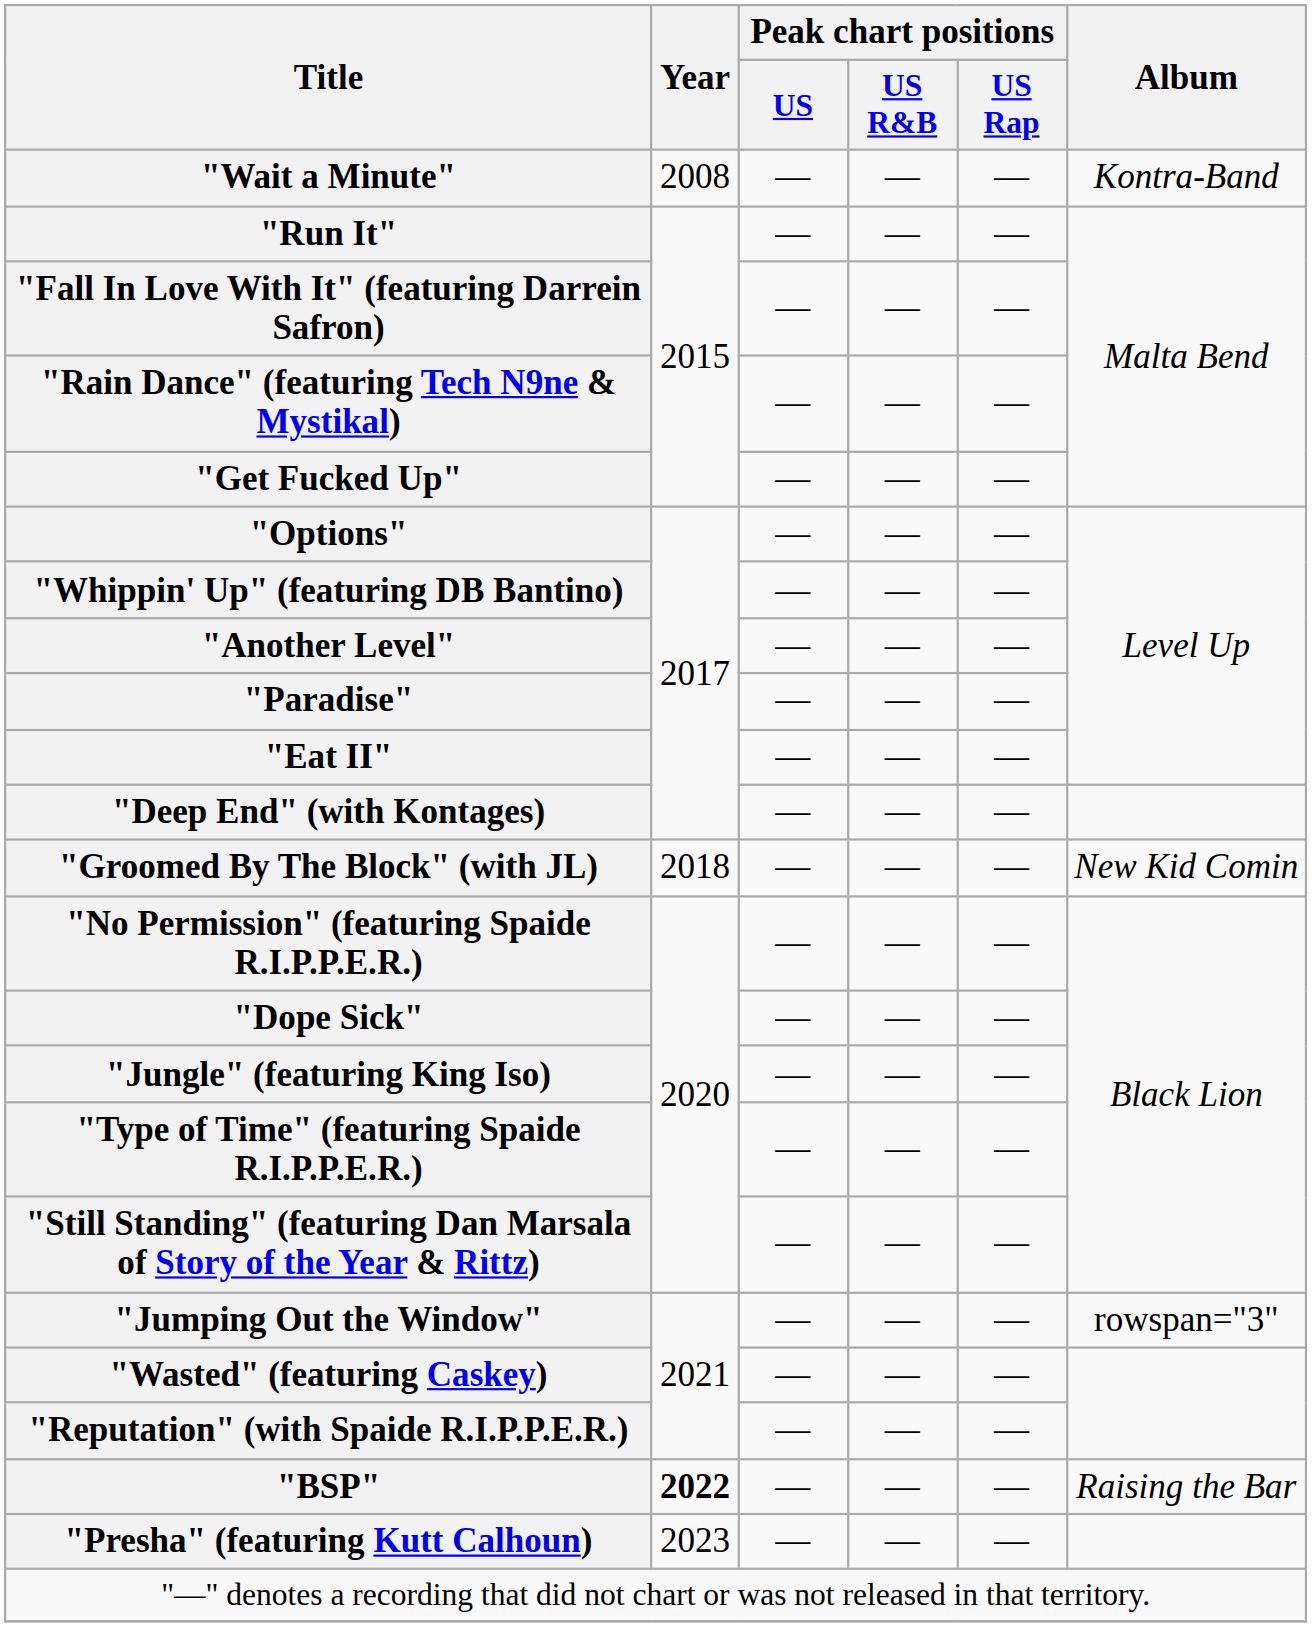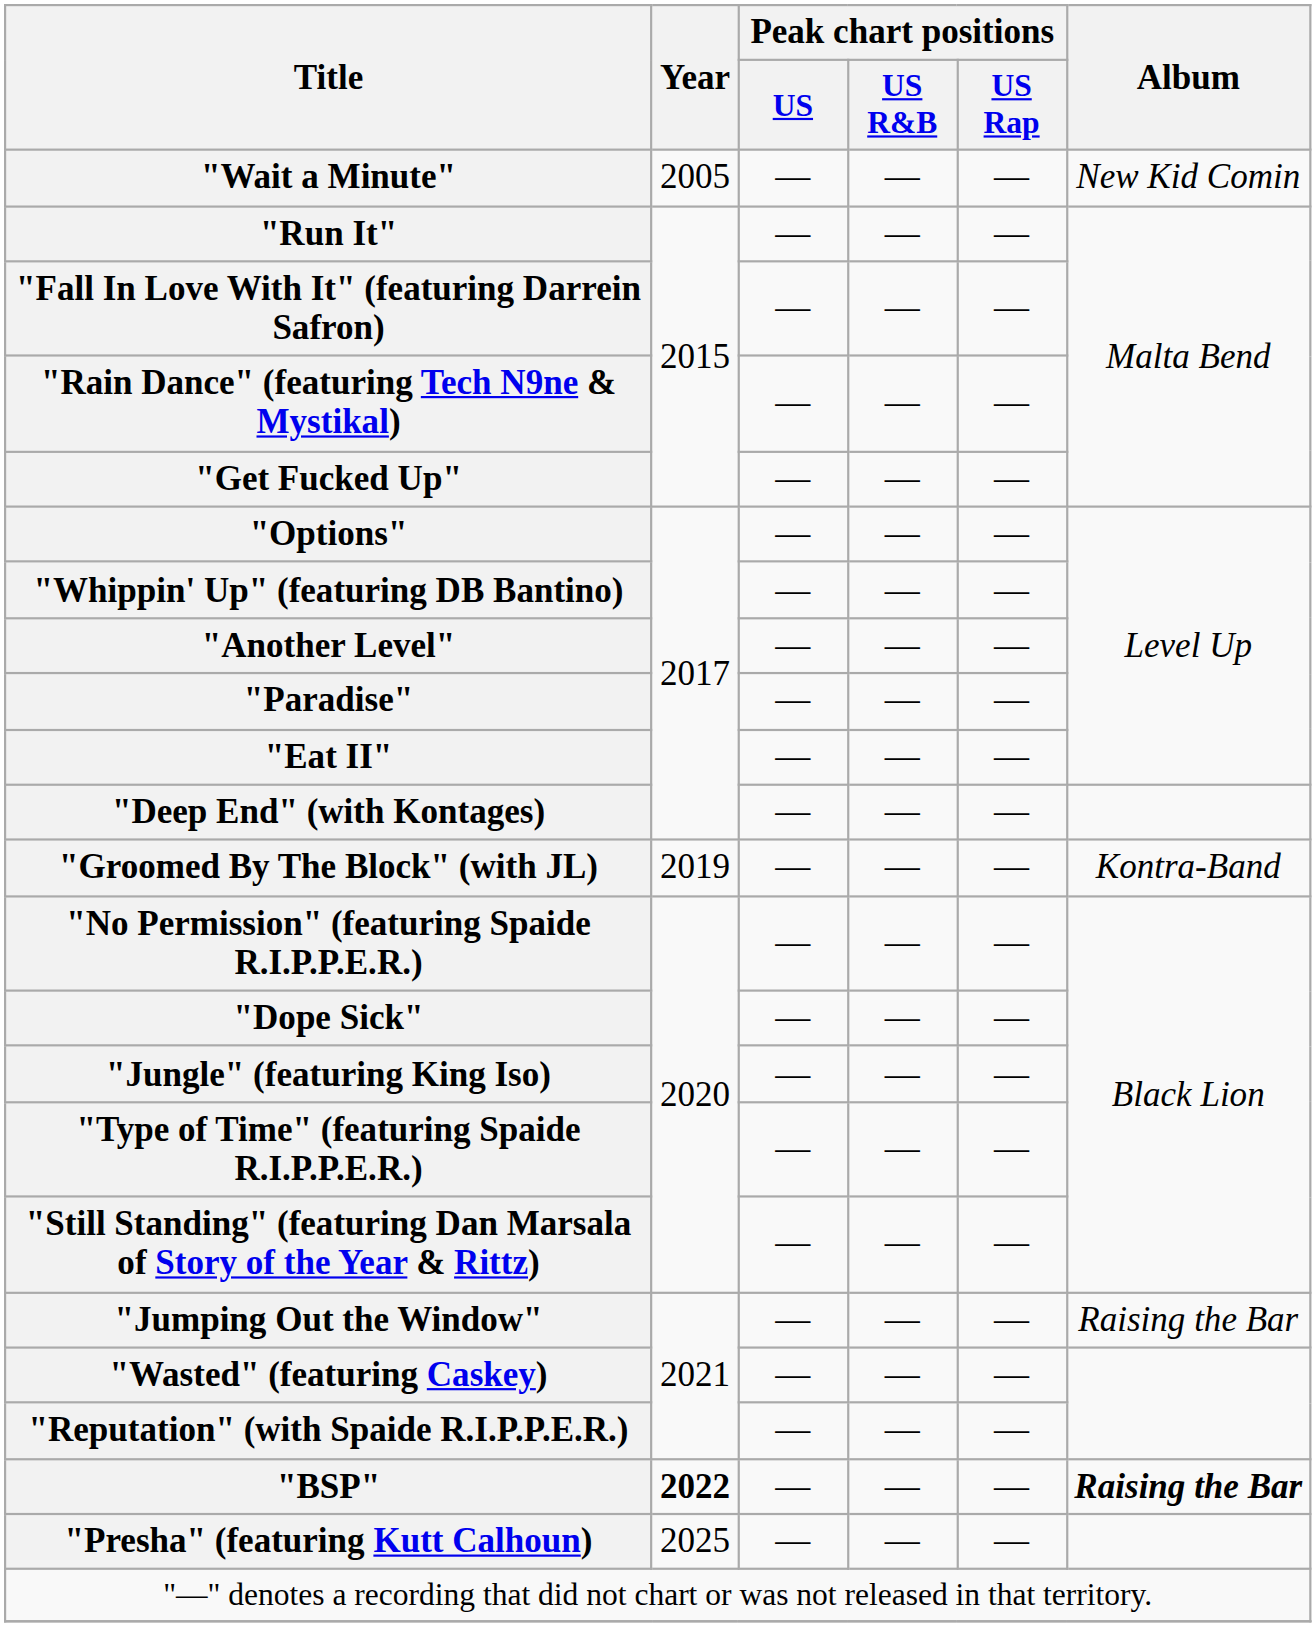 <table class="wikitable plainrowheaders" style="text-align:center;">
 <tr>
 <th scope="col" rowspan="2" style="width:18em;">Title</th>
 <th scope="col" rowspan="2">Year</th>
 <th scope="col" colspan="3">Peak chart positions</th>
 <th scope="col" rowspan="2">Album</th>
 </tr>
 <tr>
 <th scope="col" style="width:3em;font-size:90%;"><a href='#'>US</a><br></th>
 <th scope="col" style="width:3em;font-size:90%;"><a href='#'>US R&B</a><br></th>
 <th scope="col" style="width:3em;font-size:90%;"><a href='#'>US Rap</a><br></th>
 </tr>
 <tr>
 <th scope="row">"Wait a Minute"</th>
-<td>2008</td>
+<td>2005</td>
 <td>—</td>
 <td>—</td>
 <td>—</td>
-<td><em>Kontra-Band</em></td>
+<td><em>New Kid Comin</em></td>
 </tr>
 <tr>
 <th scope="row">"Run It"</th>
 <td rowspan="4">2015</td>
 <td>—</td>
 <td>—</td>
 <td>—</td>
 <td rowspan="4"><em>Malta Bend</em></td>
 </tr>
 <tr>
 <th scope="row">"Fall In Love With It" (featuring Darrein Safron)</th>
 <td>—</td>
 <td>—</td>
 <td>—</td>
 </tr>
 <tr>
 <th scope="row">"Rain Dance" (featuring <a href='#'>Tech N9ne</a> & <a href='#'>Mystikal</a>)</th>
 <td>—</td>
 <td>—</td>
 <td>—</td>
 </tr>
 <tr>
 <th scope="row">"Get Fucked Up"</th>
 <td>—</td>
 <td>—</td>
 <td>—</td>
 </tr>
 <tr>
 <th scope="row">"Options"</th>
 <td rowspan="6">2017</td>
 <td>—</td>
 <td>—</td>
 <td>—</td>
 <td rowspan="5"><em>Level Up</em></td>
 </tr>
 <tr>
 <th scope="row">"Whippin' Up" (featuring DB Bantino)</th>
 <td>—</td>
 <td>—</td>
 <td>—</td>
 </tr>
 <tr>
 <th scope="row">"Another Level"</th>
 <td>—</td>
 <td>—</td>
 <td>—</td>
 </tr>
 <tr>
 <th scope="row">"Paradise"</th>
 <td>—</td>
 <td>—</td>
 <td>—</td>
 </tr>
 <tr>
 <th scope="row">"Eat II"</th>
 <td>—</td>
 <td>—</td>
 <td>—</td>
 </tr>
 <tr>
 <th scope="row">"Deep End" (with Kontages)</th>
 <td>—</td>
 <td>—</td>
 <td>—</td>
 <td></td>
 </tr>
 <tr>
 <th scope="row">"Groomed By The Block" (with JL)</th>
-<td>2018</td>
+<td>2019</td>
 <td>—</td>
 <td>—</td>
 <td>—</td>
-<td><em>New Kid Comin</em></td>
+<td><em>Kontra-Band</em></td>
 </tr>
 <tr>
 <th scope="row">"No Permission" (featuring Spaide R.I.P.P.E.R.)</th>
 <td rowspan="5">2020</td>
 <td>—</td>
 <td>—</td>
 <td>—</td>
 <td rowspan="5"><em>Black Lion</em></td>
 </tr>
 <tr>
 <th scope="row">"Dope Sick"</th>
 <td>—</td>
 <td>—</td>
 <td>—</td>
 </tr>
 <tr>
 <th scope="row">"Jungle" (featuring King Iso)</th>
 <td>—</td>
 <td>—</td>
 <td>—</td>
 </tr>
 <tr>
 <th scope="row">"Type of Time" (featuring Spaide R.I.P.P.E.R.)</th>
 <td>—</td>
 <td>—</td>
 <td>—</td>
 </tr>
 <tr>
 <th scope="row">"Still Standing" (featuring Dan Marsala of <a href='#'>Story of the Year</a> & <a href='#'>Rittz</a>)</th>
 <td>—</td>
 <td>—</td>
 <td>—</td>
 </tr>
 <tr>
 <th scope="row">"Jumping Out the Window"</th>
 <td rowspan="3">2021</td>
 <td>—</td>
 <td>—</td>
 <td>—</td>
-<td>rowspan="3" </td>
+<td rowspan="1"><em>Raising the Bar</em></td>
 </tr>
 <tr>
 <th scope="row">"Wasted" (featuring <a href='#'>Caskey</a>)</th>
 <td>—</td>
 <td>—</td>
 <td>—</td>
 </tr>
 <tr>
 <th scope="row">"Reputation" (with Spaide R.I.P.P.E.R.)</th>
 <td>—</td>
 <td>—</td>
 <td>—</td>
 </tr>
 <tr>
 <th scope="row">"BSP"</th>
 <td rowspan="1"><strong>2022</strong></td>
 <td>—</td>
 <td>—</td>
 <td>—</td>
-<td rowspan="1"><em>Raising the Bar</em></td>
+<td rowspan="1"><strong><em>Raising the Bar</em></strong></td>
 </tr>
 <tr>
 <th scope="row">"Presha" (featuring <a href='#'>Kutt Calhoun</a>)</th>
-<td rowspan="1">2023</td>
+<td rowspan="1">2025</td>
 <td>—</td>
 <td>—</td>
 <td>—</td>
 <td></td>
 </tr>
 <tr>
 <td colspan="13" style="font-size:90%">"—" denotes a recording that did not chart or was not released in that territory.</td>
 </tr>
 <tr>
 </tr>
 </table>
